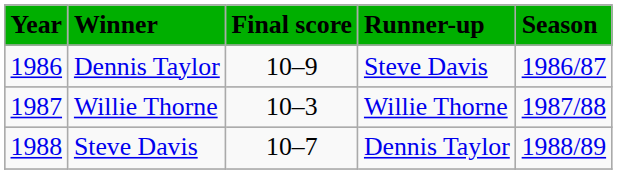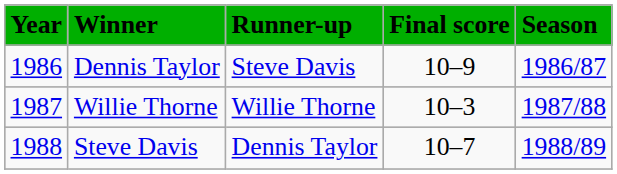 <table class="wikitable" style="margin: auto">
 <tr>
 <th style="text-align: center; background-color: #00af00">Year</th>
 <th style="text-align: left; background-color: #00af00">Winner</th>
+<th style="text-align: left; background-color: #00af00">Runner-up</th>
 <th style="text-align: left; background-color: #00af00">Final score</th>
-<th style="text-align: left; background-color: #00af00">Runner-up</th>
 <th style="text-align: left; background-color: #00af00">Season</th>
 </tr>
 <tr>
 <td><a href='#'>1986</a></td>
 <td> <a href='#'>Dennis Taylor</a></td>
+<td> <a href='#'>Steve Davis</a></td>
 <td style="text-align: center">10–9</td>
-<td> <a href='#'>Steve Davis</a></td>
 <td><a href='#'>1986/87</a></td>
 </tr>
 <tr>
 <td><a href='#'>1987</a></td>
 <td> <a href='#'>Willie Thorne</a></td>
+<td> <a href='#'>Willie Thorne</a></td>
 <td style="text-align: center">10–3</td>
-<td> <a href='#'>Willie Thorne</a></td>
 <td><a href='#'>1987/88</a></td>
 </tr>
 <tr>
 <td><a href='#'>1988</a></td>
 <td> <a href='#'>Steve Davis</a></td>
+<td> <a href='#'>Dennis Taylor</a></td>
 <td style="text-align: center">10–7</td>
-<td> <a href='#'>Dennis Taylor</a></td>
 <td><a href='#'>1988/89</a></td>
 </tr>
 </table>
